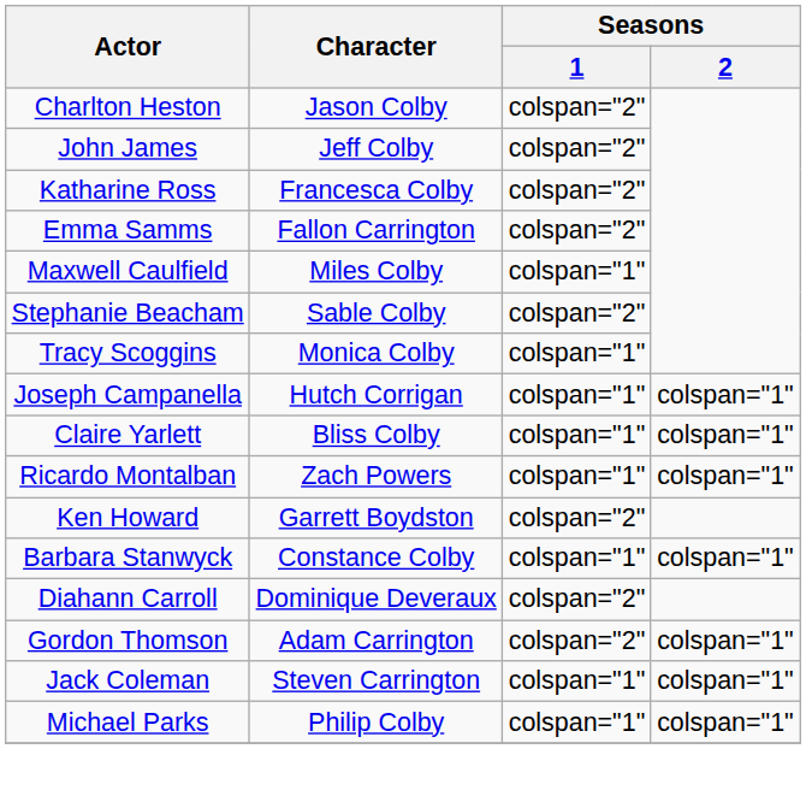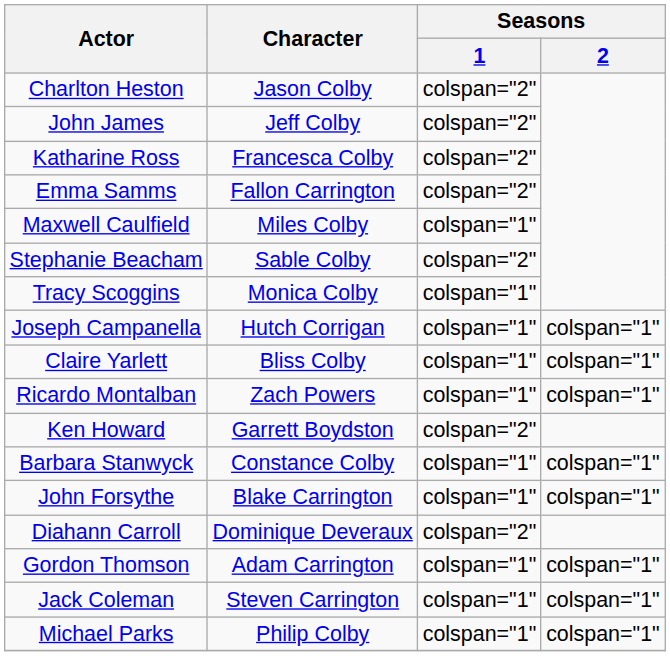 <table class="wikitable sortable" style="text-align:center">
 <tr>
 <th rowspan="2">Actor</th>
 <th rowspan="2">Character</th>
 <th colspan="2">Seasons</th>
 </tr>
 <tr>
 <th><a href='#'>1</a></th>
 <th><a href='#'>2</a></th>
 </tr>
 <tr>
 <td><a href='#'>Charlton Heston</a></td>
 <td><a href='#'>Jason Colby</a></td>
 <td>colspan="2" </td>
 </tr>
 <tr>
 <td><a href='#'>John James</a></td>
 <td><a href='#'>Jeff Colby</a></td>
 <td>colspan="2" </td>
 </tr>
 <tr>
 <td><a href='#'>Katharine Ross</a></td>
 <td><a href='#'>Francesca Colby</a></td>
 <td>colspan="2" </td>
 </tr>
 <tr>
 <td><a href='#'>Emma Samms</a></td>
 <td><a href='#'>Fallon Carrington</a></td>
 <td>colspan="2" </td>
 </tr>
 <tr>
 <td><a href='#'>Maxwell Caulfield</a></td>
 <td><a href='#'>Miles Colby</a></td>
 <td>colspan="1" </td>
 </tr>
 <tr>
 <td><a href='#'>Stephanie Beacham</a></td>
 <td><a href='#'>Sable Colby</a></td>
 <td>colspan="2" </td>
 </tr>
 <tr>
 <td><a href='#'>Tracy Scoggins</a></td>
 <td><a href='#'>Monica Colby</a></td>
 <td>colspan="1" </td>
 </tr>
 <tr>
 <td><a href='#'>Joseph Campanella</a></td>
 <td><a href='#'>Hutch Corrigan</a></td>
 <td>colspan="1" </td>
 <td>colspan="1" </td>
 </tr>
 <tr>
 <td><a href='#'>Claire Yarlett</a></td>
 <td><a href='#'>Bliss Colby</a></td>
 <td>colspan="1" </td>
 <td>colspan="1" </td>
 </tr>
 <tr>
 <td><a href='#'>Ricardo Montalban</a></td>
 <td><a href='#'>Zach Powers</a></td>
 <td>colspan="1" </td>
 <td>colspan="1" </td>
 </tr>
 <tr>
 <td><a href='#'>Ken Howard</a></td>
 <td><a href='#'>Garrett Boydston</a></td>
 <td>colspan="2" </td>
 </tr>
 <tr>
 <td><a href='#'>Barbara Stanwyck</a></td>
 <td><a href='#'>Constance Colby</a></td>
 <td>colspan="1" </td>
 <td>colspan="1" </td>
 </tr>
 <tr>
+<td><a href='#'>John Forsythe</a></td>
+<td><a href='#'>Blake Carrington</a></td>
+<td>colspan="1" </td>
+<td>colspan="1" </td>
+</tr>
+<tr>
 <td><a href='#'>Diahann Carroll</a></td>
 <td><a href='#'>Dominique Deveraux</a></td>
 <td>colspan="2" </td>
 </tr>
 <tr>
 <td><a href='#'>Gordon Thomson</a></td>
 <td><a href='#'>Adam Carrington</a></td>
-<td>colspan="2" </td>
+<td>colspan="1" </td>
 <td>colspan="1" </td>
 </tr>
 <tr>
 <td><a href='#'>Jack Coleman</a></td>
 <td><a href='#'>Steven Carrington</a></td>
 <td>colspan="1" </td>
 <td>colspan="1" </td>
 </tr>
 <tr>
 <td><a href='#'>Michael Parks</a></td>
 <td><a href='#'>Philip Colby</a></td>
 <td>colspan="1" </td>
 <td>colspan="1" </td>
 </tr>
 <tr>
 </tr>
 </table>
